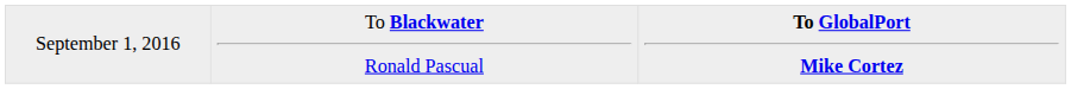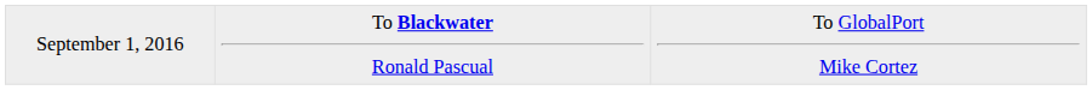 <table border=1 style="border-collapse:collapse; text-align: center; width: 100%" bordercolor="#DFDFDF"  cellpadding="5">
 <tr>
 </tr>
 <tr bgcolor="eeeeee">
 <td style="width:12%">September 1, 2016</td>
 <td style="width:25%" valign="top">To <strong><a href='#'>Blackwater</a></strong><hr><a href='#'>Ronald Pascual</a></td>
-<td style="width:25%" valign="top"><strong>To <a href='#'>GlobalPort</a><hr><a href='#'>Mike Cortez</a></strong></td>
+<td style="width:25%" valign="top">To <a href='#'>GlobalPort</a><hr><a href='#'>Mike Cortez</a></td>
 </tr>
 </table>
